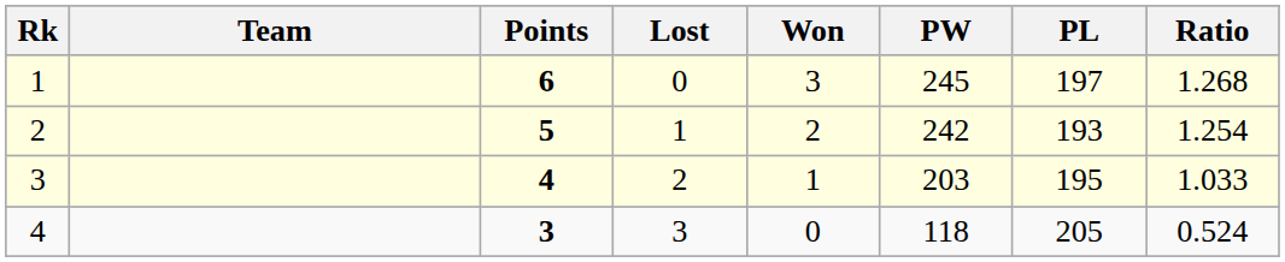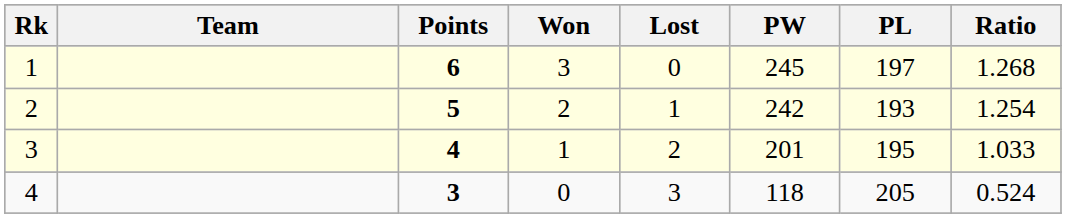 <table class=wikitable style="text-align:center">
 <tr bgcolor="#DCDCDC">
 <th width="25">Rk</th>
 <th width="200">Team</th>
 <th width="60">Points</th>
+<th width="60">Won</th>
 <th width="60">Lost</th>
-<th width="60">Won</th>
 <th width="60">PW</th>
 <th width="60">PL</th>
 <th width="60">Ratio</th>
 </tr>
 <tr bgcolor=lightyellow>
 <td>1</td>
 <td align=left></td>
 <td><strong>6</strong></td>
+<td>3</td>
 <td>0</td>
-<td>3</td>
 <td>245</td>
 <td>197</td>
 <td>1.268</td>
 </tr>
 <tr bgcolor=lightyellow>
 <td>2</td>
 <td align=left></td>
 <td><strong>5</strong></td>
+<td>2</td>
 <td>1</td>
-<td>2</td>
 <td>242</td>
 <td>193</td>
 <td>1.254</td>
 </tr>
 <tr bgcolor=lightyellow>
 <td>3</td>
 <td align=left></td>
 <td><strong>4</strong></td>
+<td>1</td>
 <td>2</td>
-<td>1</td>
-<td>203</td>
+<td>201</td>
 <td>195</td>
 <td>1.033</td>
 </tr>
 <tr>
 <td>4</td>
 <td align=left></td>
 <td><strong>3</strong></td>
+<td>0</td>
 <td>3</td>
-<td>0</td>
 <td>118</td>
 <td>205</td>
 <td>0.524</td>
 </tr>
 </table>
